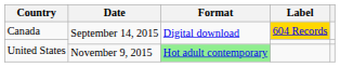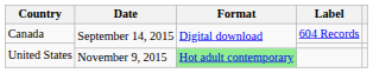 <table class="wikitable">
 <tr>
 <th>Country</th>
 <th>Date</th>
 <th>Format</th>
 <th>Label</th>
 <th></th>
 </tr>
 <tr>
 <td>Canada</td>
 <td rowspan="2">September 14, 2015</td>
 <td rowspan="2"><a href='#'>Digital download</a></td>
-<td style="background: gold;"><a href='#'>604 Records</a></td>
+<td><a href='#'>604 Records</a></td>
 <td></td>
 </tr>
 <tr>
 <td rowspan="2">United States</td>
 <td></td>
 <td></td>
 </tr>
 <tr>
 <td>November 9, 2015</td>
 <td style="background: lightgreen;"><a href='#'>Hot adult contemporary</a></td>
 <td></td>
 <td></td>
 </tr>
 </table>
